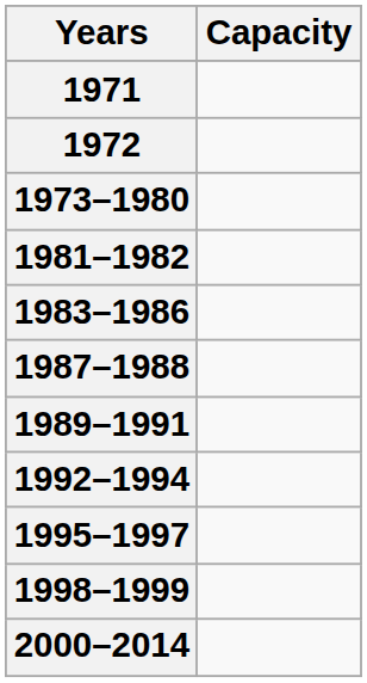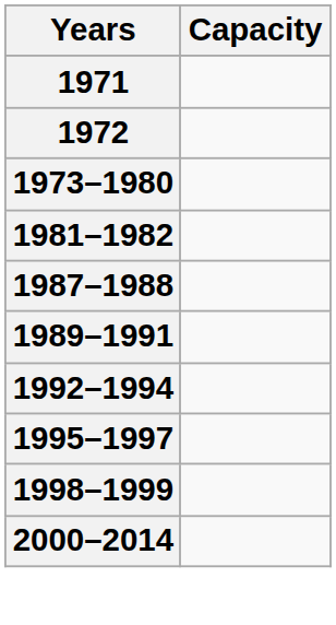 <table class="wikitable">
 <tr>
 <th scope="row">Years</th>
 <th scope="row">Capacity</th>
 </tr>
 <tr>
 <th scope="row">1971</th>
 <td></td>
 </tr>
 <tr>
 <th scope="row">1972</th>
 <td></td>
 </tr>
 <tr>
 <th scope="row">1973–1980</th>
 <td></td>
 </tr>
 <tr>
 <th scope="row">1981–1982</th>
-<td></td>
-</tr>
-<tr>
-<th scope="row">1983–1986</th>
 <td></td>
 </tr>
 <tr>
 <th scope="row">1987–1988</th>
 <td></td>
 </tr>
 <tr>
 <th scope="row">1989–1991</th>
 <td></td>
 </tr>
 <tr>
 <th scope="row">1992–1994</th>
 <td></td>
 </tr>
 <tr>
 <th scope="row">1995–1997</th>
 <td></td>
 </tr>
 <tr>
 <th scope="row">1998–1999</th>
 <td></td>
 </tr>
 <tr>
 <th scope="row">2000–2014</th>
 <td></td>
 </tr>
 </table>
